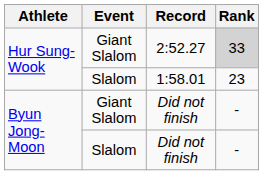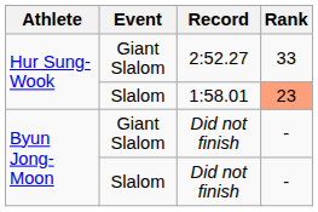 <table class=wikitable style="font-size:90%; text-align:center; width:40%">
 <tr>
 <th>Athlete</th>
 <th>Event</th>
 <th>Record</th>
 <th>Rank</th>
 </tr>
 <tr>
 <td rowspan=2 align=left><a href='#'>Hur Sung-Wook</a></td>
 <td>Giant Slalom</td>
 <td>2:52.27</td>
-<td style="background: lightgrey;">33</td>
+<td>33</td>
 </tr>
 <tr>
 <td>Slalom</td>
 <td>1:58.01</td>
-<td>23</td>
+<td style="background: lightsalmon;">23</td>
 </tr>
 <tr>
 <td rowspan=2 align=left><a href='#'>Byun Jong-Moon</a></td>
 <td>Giant Slalom</td>
 <td><em>Did not finish</em></td>
 <td>-</td>
 </tr>
 <tr>
 <td>Slalom</td>
 <td><em>Did not finish</em></td>
 <td>-</td>
 </tr>
 </table>
